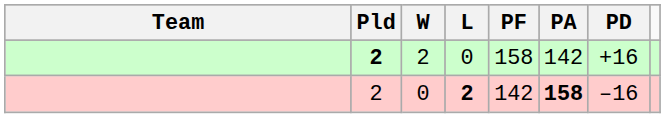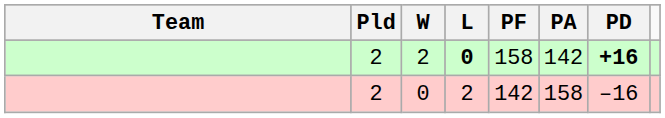 <table class=wikitable style="text-align:center">
 <tr>
 <th width=200>Team</th>
 <th width=20>Pld</th>
 <th width=20>W</th>
 <th width=20>L</th>
 <th width=20>PF</th>
 <th width=20>PA</th>
 <th width=30>PD</th>
 </tr>
 <tr bgcolor=ccffcc>
 <td align=left></td>
-<td><strong>2</strong></td>
 <td>2</td>
-<td>0</td>
+<td>2</td>
+<td><strong>0</strong></td>
 <td>158</td>
 <td>142</td>
-<td>+16</td>
+<td><strong>+16</strong></td>
 <td></td>
 </tr>
 <tr bgcolor=ffcccc>
 <td align=left></td>
 <td>2</td>
 <td>0</td>
-<td><strong>2</strong></td>
+<td>2</td>
 <td>142</td>
-<td><strong>158</strong></td>
+<td>158</td>
 <td>–16</td>
 <td></td>
 </tr>
 </table>
